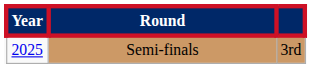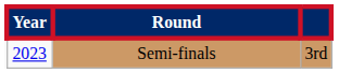 <table class="wikitable" style="text-align: center; font-size:90%">
 <tr style="color:white;">
 <th style="background:#002868; border: 4px solid #CE1126; ">Year</th>
 <th style="background:#002868; border: 4px solid #CE1126; width:200px">Round</th>
 <th style="background:#002868; border: 4px solid #CE1126;"></th>
 </tr>
 <tr>
-<td><a href='#'>2025</a></td>
+<td><a href='#'>2023</a></td>
 <td bgcolor="cc9966">Semi-finals</td>
 <td bgcolor="cc9966">3rd</td>
 </tr>
 </table>
